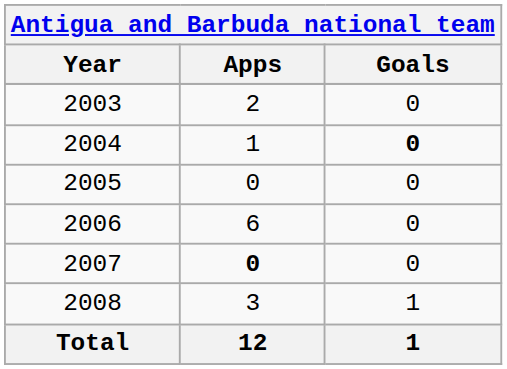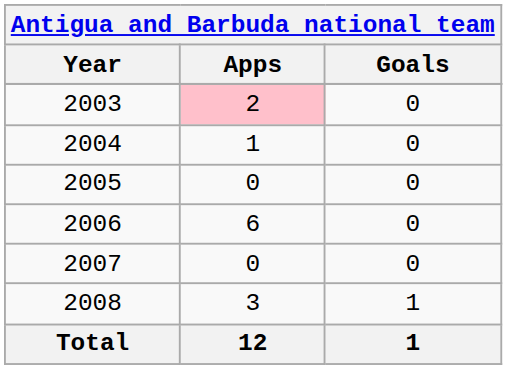 <table class="wikitable" style="text-align:center">
 <tr>
 <th colspan=3><a href='#'>Antigua and Barbuda national team</a></th>
 </tr>
 <tr>
 <th>Year</th>
 <th>Apps</th>
 <th>Goals</th>
 </tr>
 <tr>
 </tr>
 <tr>
 <td>2003</td>
-<td>2</td>
+<td style="background: pink;">2</td>
 <td>0</td>
 </tr>
 <tr>
 <td>2004</td>
 <td>1</td>
-<td><strong>0</strong></td>
+<td>0</td>
 </tr>
 <tr>
 <td>2005</td>
 <td>0</td>
 <td>0</td>
 </tr>
 <tr>
 <td>2006</td>
 <td>6</td>
 <td>0</td>
 </tr>
 <tr>
 <td>2007</td>
-<td><strong>0</strong></td>
+<td>0</td>
 <td>0</td>
 </tr>
 <tr>
 <td>2008</td>
 <td>3</td>
 <td>1</td>
 </tr>
 <tr>
 <th>Total</th>
 <th>12</th>
 <th>1</th>
 </tr>
 </table>
